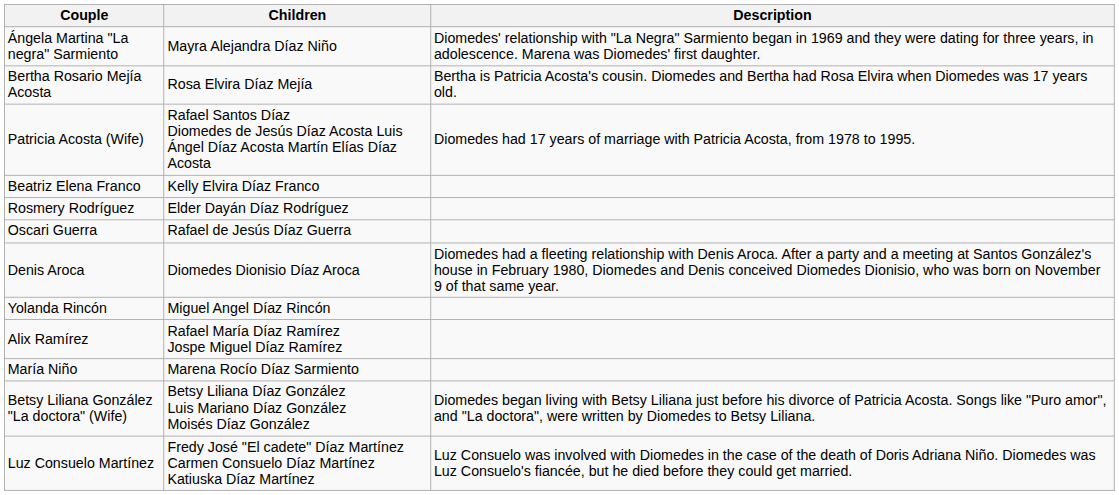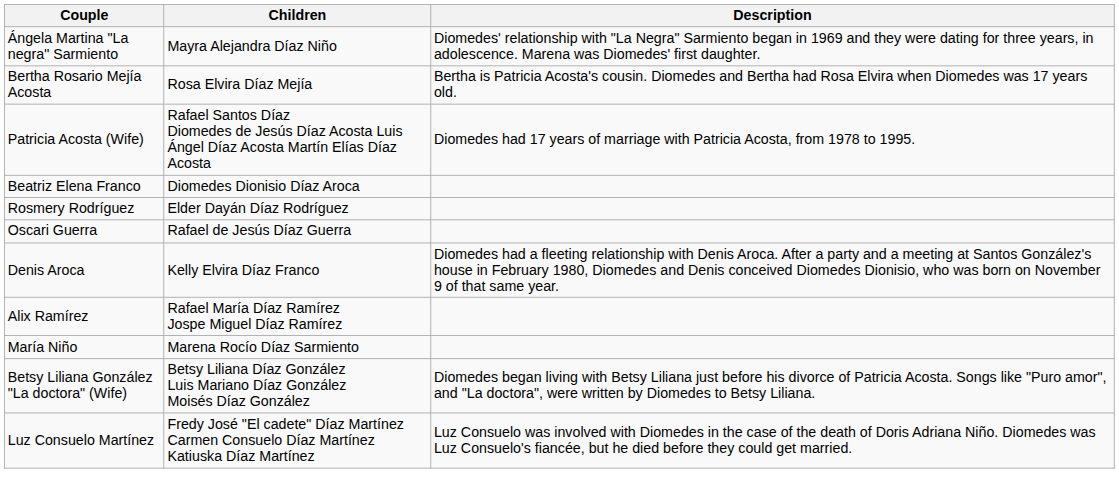 <table class="wikitable">
 <tr>
 <th>Couple</th>
 <th>Children</th>
 <th>Description</th>
 </tr>
 <tr>
 <td>Ángela Martina "La negra" Sarmiento</td>
 <td>Mayra Alejandra Díaz Niño</td>
 <td>Diomedes' relationship with "La Negra" Sarmiento began in 1969 and they were dating for three years, in adolescence. Marena was Diomedes' first daughter.</td>
 </tr>
 <tr>
 <td>Bertha Rosario Mejía Acosta</td>
 <td>Rosa Elvira Díaz Mejía</td>
 <td>Bertha is Patricia Acosta's cousin. Diomedes and Bertha had Rosa Elvira when Diomedes was 17 years old.</td>
 </tr>
 <tr>
 <td>Patricia Acosta (Wife)</td>
 <td>Rafael Santos Díaz<br>Diomedes de Jesús Díaz Acosta Luis Ángel Díaz Acosta Martín Elías Díaz Acosta</td>
 <td>Diomedes had 17 years of marriage with Patricia Acosta, from 1978 to 1995.</td>
 </tr>
 <tr>
 <td>Beatriz Elena Franco</td>
-<td>Kelly Elvira Díaz Franco</td>
+<td>Diomedes Dionisio Díaz Aroca</td>
 <td></td>
 </tr>
 <tr>
 <td>Rosmery Rodríguez</td>
 <td>Elder Dayán Díaz Rodríguez</td>
 <td></td>
 </tr>
 <tr>
 <td>Oscari Guerra</td>
 <td>Rafael de Jesús Díaz Guerra</td>
 <td></td>
 </tr>
 <tr>
 <td>Denis Aroca</td>
-<td>Diomedes Dionisio Díaz Aroca</td>
+<td>Kelly Elvira Díaz Franco</td>
 <td>Diomedes had a fleeting relationship with Denis Aroca. After a party and a meeting at Santos González's house in February 1980, Diomedes and Denis conceived Diomedes Dionisio, who was born on November 9 of that same year.</td>
-</tr>
-<tr>
-<td>Yolanda Rincón</td>
-<td>Miguel Angel Díaz Rincón</td>
-<td></td>
 </tr>
 <tr>
 <td>Alix Ramírez</td>
 <td>Rafael María Díaz Ramírez<br>Jospe Miguel Díaz Ramírez</td>
 <td></td>
 </tr>
 <tr>
 <td>María Niño</td>
 <td>Marena Rocío Díaz Sarmiento</td>
 <td></td>
 </tr>
 <tr>
 <td>Betsy Liliana González "La doctora" (Wife)</td>
 <td>Betsy Liliana Díaz González<br>Luis Mariano Díaz González<br>Moisés Díaz González</td>
 <td>Diomedes began living with Betsy Liliana just before his divorce of Patricia Acosta. Songs like "Puro amor", and "La doctora", were written by Diomedes to Betsy Liliana.</td>
 </tr>
 <tr>
 <td>Luz Consuelo Martínez</td>
 <td>Fredy José "El cadete" Díaz Martínez<br>Carmen Consuelo Díaz Martínez Katiuska Díaz Martínez</td>
 <td>Luz Consuelo was involved with Diomedes in the case of the death of Doris Adriana Niño. Diomedes was Luz Consuelo's fiancée, but he died before they could get married.</td>
 </tr>
 </table>
